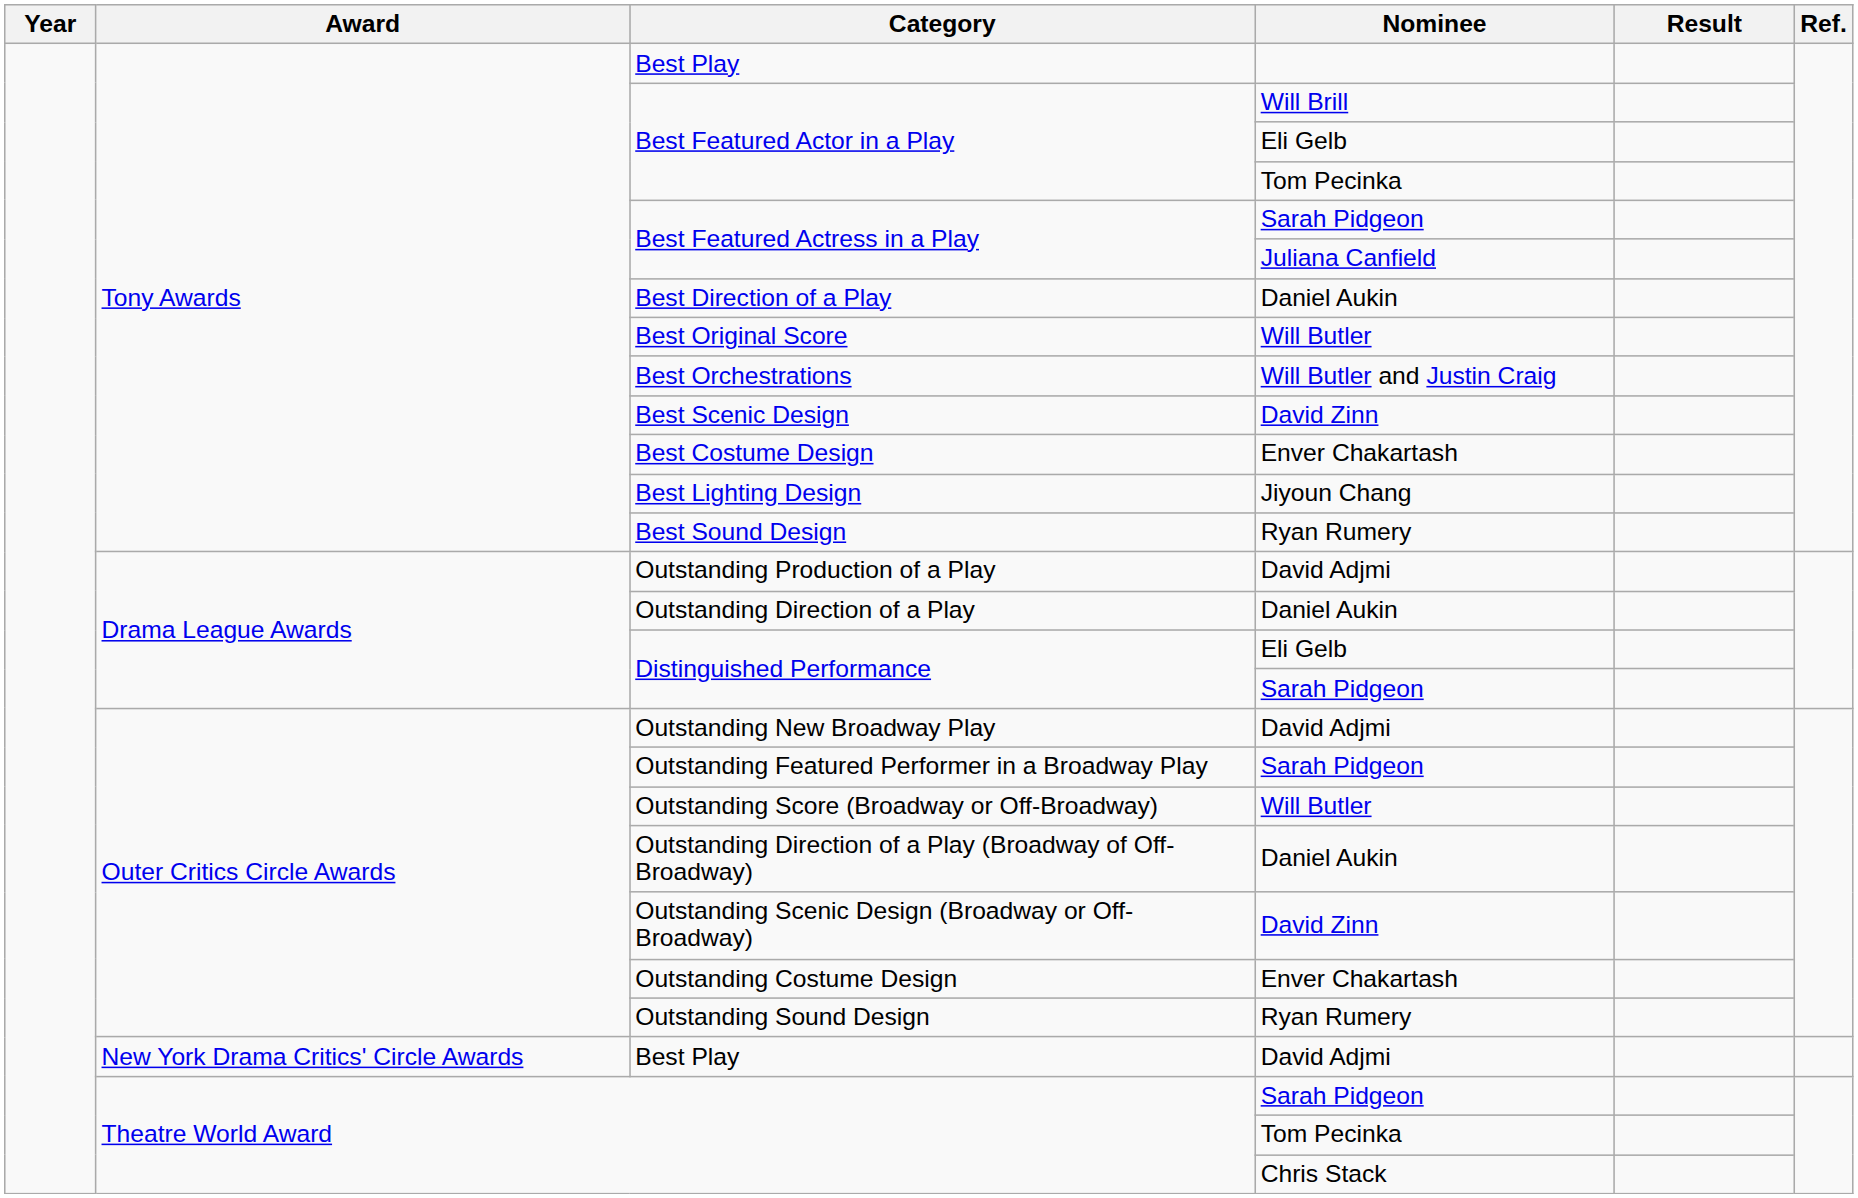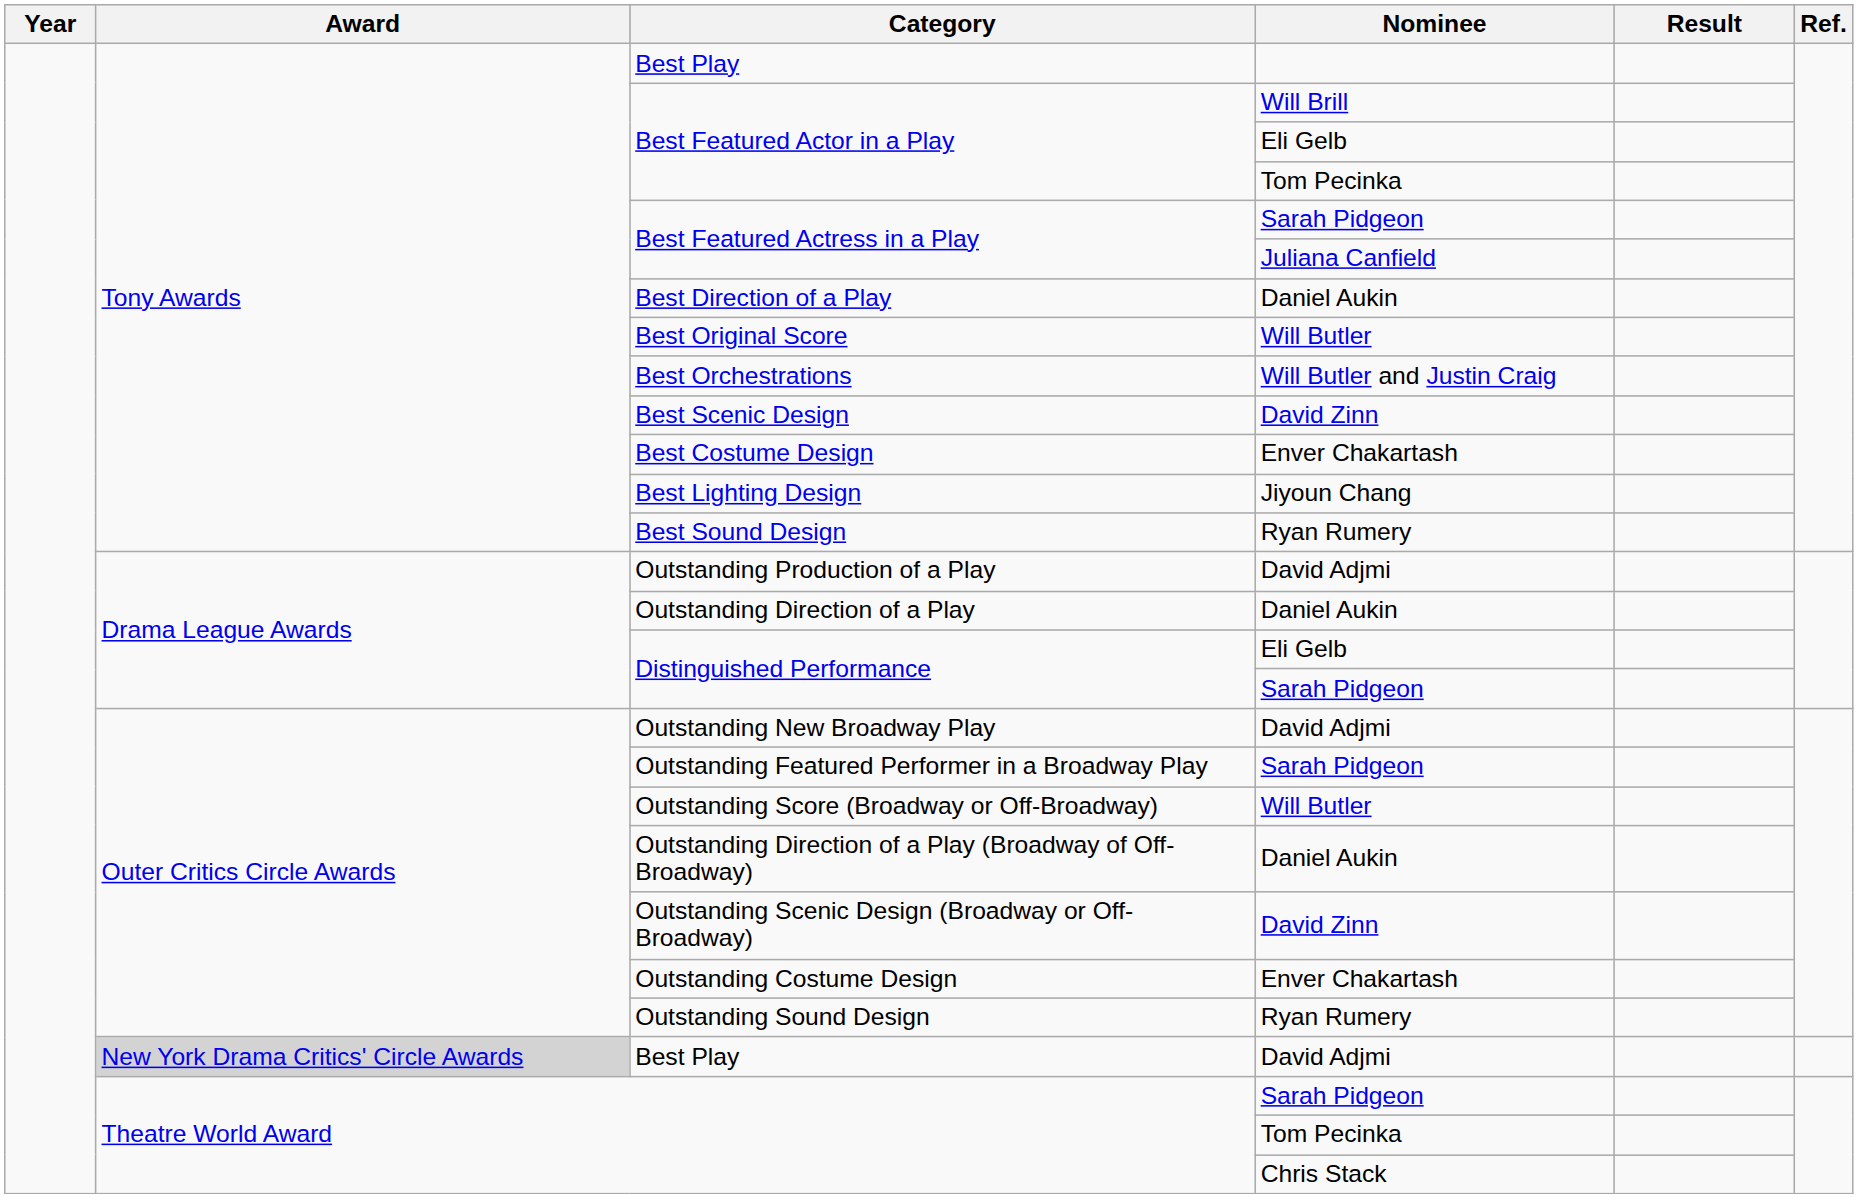 <table class="wikitable" width="95%">
 <tr>
 <th width="5%">Year</th>
 <th width="30%">Award</th>
 <th width="35%">Category</th>
 <th width="20%">Nominee</th>
 <th width="10%">Result</th>
 <th class=unsortable>Ref.</th>
 </tr>
 <tr>
 <td rowspan=28></td>
 <td rowspan=13><a href='#'>Tony Awards</a></td>
 <td><a href='#'>Best Play</a></td>
 <td></td>
 <td></td>
 <td rowspan=13></td>
 </tr>
 <tr>
 <td rowspan=3><a href='#'>Best Featured Actor in a Play</a></td>
 <td><a href='#'>Will Brill</a></td>
 <td></td>
 </tr>
 <tr>
 <td>Eli Gelb</td>
 <td></td>
 </tr>
 <tr>
 <td>Tom Pecinka</td>
 <td></td>
 </tr>
 <tr>
 <td rowspan=2><a href='#'>Best Featured Actress in a Play</a></td>
 <td><a href='#'>Sarah Pidgeon</a></td>
 <td></td>
 </tr>
 <tr>
 <td><a href='#'>Juliana Canfield</a></td>
 <td></td>
 </tr>
 <tr>
 <td><a href='#'>Best Direction of a Play</a></td>
 <td>Daniel Aukin</td>
 <td></td>
 </tr>
 <tr>
 <td><a href='#'>Best Original Score</a></td>
 <td><a href='#'>Will Butler</a></td>
 <td></td>
 </tr>
 <tr>
 <td><a href='#'>Best Orchestrations</a></td>
 <td><a href='#'>Will Butler</a> and <a href='#'>Justin Craig</a></td>
 <td></td>
 </tr>
 <tr>
 <td><a href='#'>Best Scenic Design</a></td>
 <td><a href='#'>David Zinn</a></td>
 <td></td>
 </tr>
 <tr>
 <td><a href='#'>Best Costume Design</a></td>
 <td>Enver Chakartash</td>
 <td></td>
 </tr>
 <tr>
 <td><a href='#'>Best Lighting Design</a></td>
 <td>Jiyoun Chang</td>
 <td></td>
 </tr>
 <tr>
 <td><a href='#'>Best Sound Design</a></td>
 <td>Ryan Rumery</td>
 <td></td>
 </tr>
 <tr>
 <td rowspan=4><a href='#'>Drama League Awards</a></td>
 <td>Outstanding Production of a Play</td>
 <td>David Adjmi</td>
 <td></td>
 <td rowspan=4></td>
 </tr>
 <tr>
 <td>Outstanding Direction of a Play</td>
 <td>Daniel Aukin</td>
 <td></td>
 </tr>
 <tr>
 <td rowspan=2><a href='#'>Distinguished Performance</a></td>
 <td>Eli Gelb</td>
 <td></td>
 </tr>
 <tr>
 <td><a href='#'>Sarah Pidgeon</a></td>
 <td></td>
 </tr>
 <tr>
 <td rowspan=7><a href='#'>Outer Critics Circle Awards</a></td>
 <td>Outstanding New Broadway Play</td>
 <td>David Adjmi</td>
 <td></td>
 <td rowspan=7></td>
 </tr>
 <tr>
 <td>Outstanding Featured Performer in a Broadway Play</td>
 <td><a href='#'>Sarah Pidgeon</a></td>
 <td></td>
 </tr>
 <tr>
 <td>Outstanding Score (Broadway or Off-Broadway)</td>
 <td><a href='#'>Will Butler</a></td>
 <td></td>
 </tr>
 <tr>
 <td>Outstanding Direction of a Play (Broadway of Off-Broadway)</td>
 <td>Daniel Aukin</td>
 <td></td>
 </tr>
 <tr>
 <td>Outstanding Scenic Design (Broadway or Off-Broadway)</td>
 <td><a href='#'>David Zinn</a></td>
 <td></td>
 </tr>
 <tr>
 <td>Outstanding Costume Design</td>
 <td>Enver Chakartash</td>
 <td></td>
 </tr>
 <tr>
 <td>Outstanding Sound Design</td>
 <td>Ryan Rumery</td>
 <td></td>
 </tr>
 <tr>
-<td><a href='#'>New York Drama Critics' Circle Awards</a></td>
+<td style="background: lightgrey;"><a href='#'>New York Drama Critics' Circle Awards</a></td>
 <td>Best Play</td>
 <td>David Adjmi</td>
 <td></td>
 <td></td>
 </tr>
 <tr>
 <td colspan="2" rowspan=3><a href='#'>Theatre World Award</a></td>
 <td><a href='#'>Sarah Pidgeon</a></td>
 <td></td>
 <td rowspan=3></td>
 </tr>
 <tr>
 <td>Tom Pecinka</td>
 <td></td>
 </tr>
 <tr>
 <td>Chris Stack</td>
 <td></td>
 </tr>
 </table>
